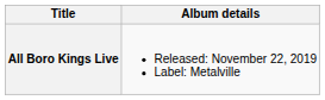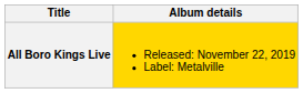 <table class="wikitable plainrowheaders">
 <tr>
 <th rowspan="1" scope="col">Title</th>
 <th rowspan="1" scope="col">Album details</th>
 </tr>
 <tr>
 <th scope="row">All Boro Kings Live</th>
-<td><br><ul><li>Released: November 22, 2019</li><li>Label: Metalville</li></ul></td>
+<td style="background: gold;"><br><ul><li>Released: November 22, 2019</li><li>Label: Metalville</li></ul></td>
 </tr>
 </table>
